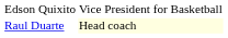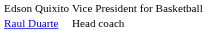 <table border="0">
 <tr>
 <td> Edson Quixito</td>
 <td>Vice President for Basketball</td>
 </tr>
 <tr>
 <td> <a href='#'>Raul Duarte</a></td>
-<td style="background: lightyellow;">Head coach</td>
+<td>Head coach</td>
 </tr>
 </table>
